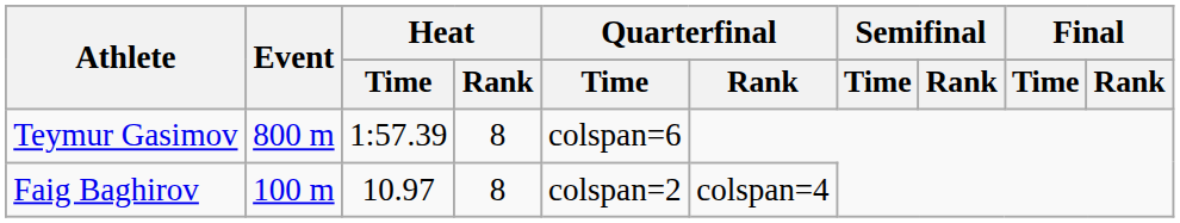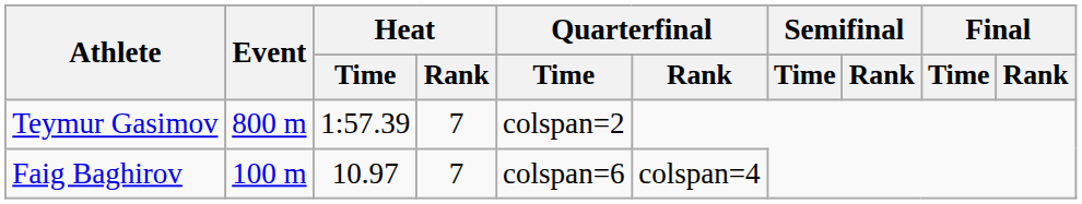 <table class=wikitable style=font-size:90%;text-align:center>
 <tr>
 <th rowspan=2>Athlete</th>
 <th rowspan=2>Event</th>
 <th colspan=2>Heat</th>
 <th colspan=2>Quarterfinal</th>
 <th colspan=2>Semifinal</th>
 <th colspan=2>Final</th>
 </tr>
 <tr style=font-size:95%>
 <th>Time</th>
 <th>Rank</th>
 <th>Time</th>
 <th>Rank</th>
 <th>Time</th>
 <th>Rank</th>
 <th>Time</th>
 <th>Rank</th>
 </tr>
 <tr>
 <td align=left><a href='#'>Teymur Gasimov</a></td>
 <td align=left><a href='#'>800 m</a></td>
 <td>1:57.39</td>
-<td>8</td>
-<td>colspan=6 </td>
+<td>7</td>
+<td>colspan=2 </td>
 </tr>
 <tr>
 <td align=left><a href='#'>Faig Baghirov</a></td>
 <td align=left><a href='#'>100 m</a></td>
 <td>10.97</td>
-<td>8</td>
-<td>colspan=2 </td>
+<td>7</td>
+<td>colspan=6 </td>
 <td>colspan=4 </td>
 </tr>
 </table>
